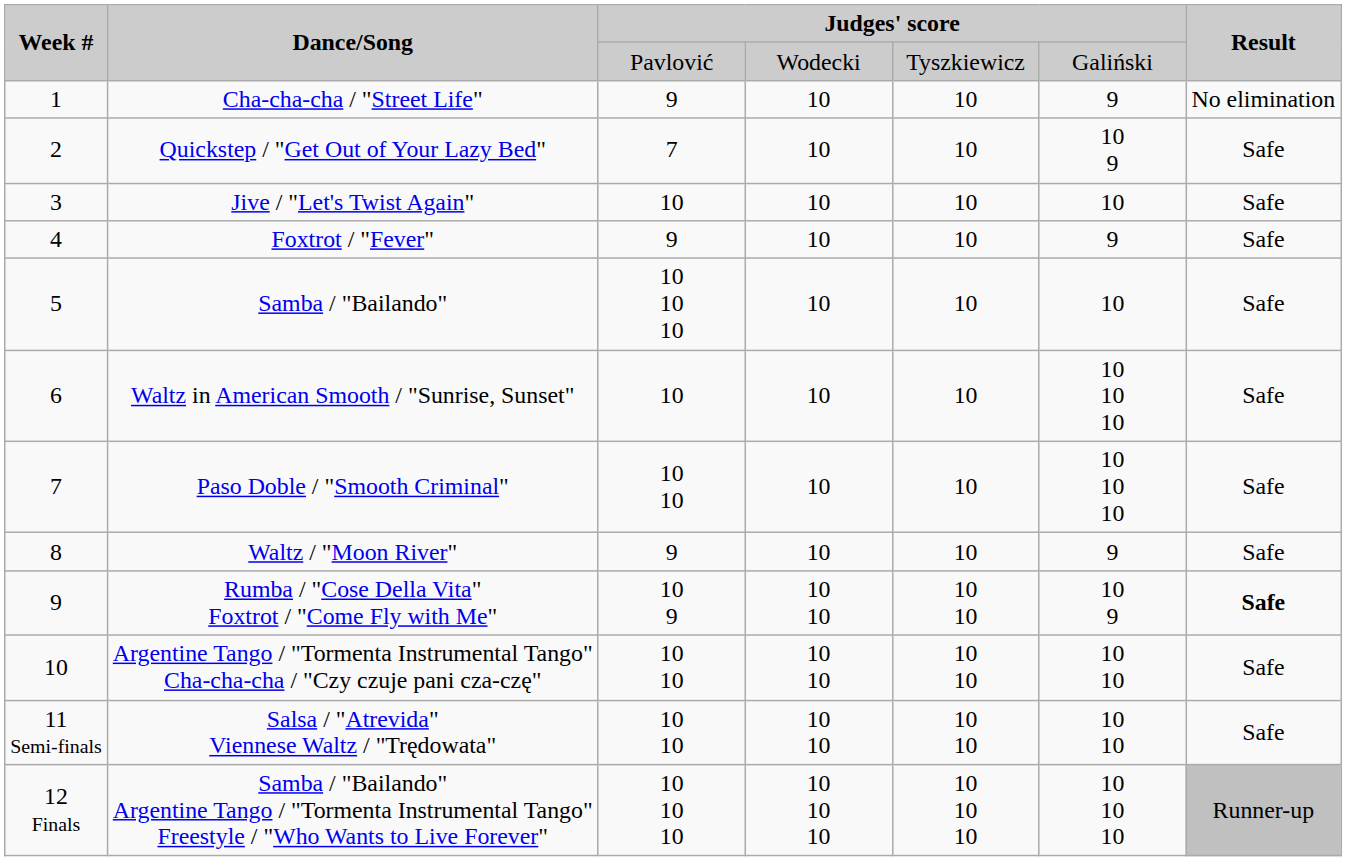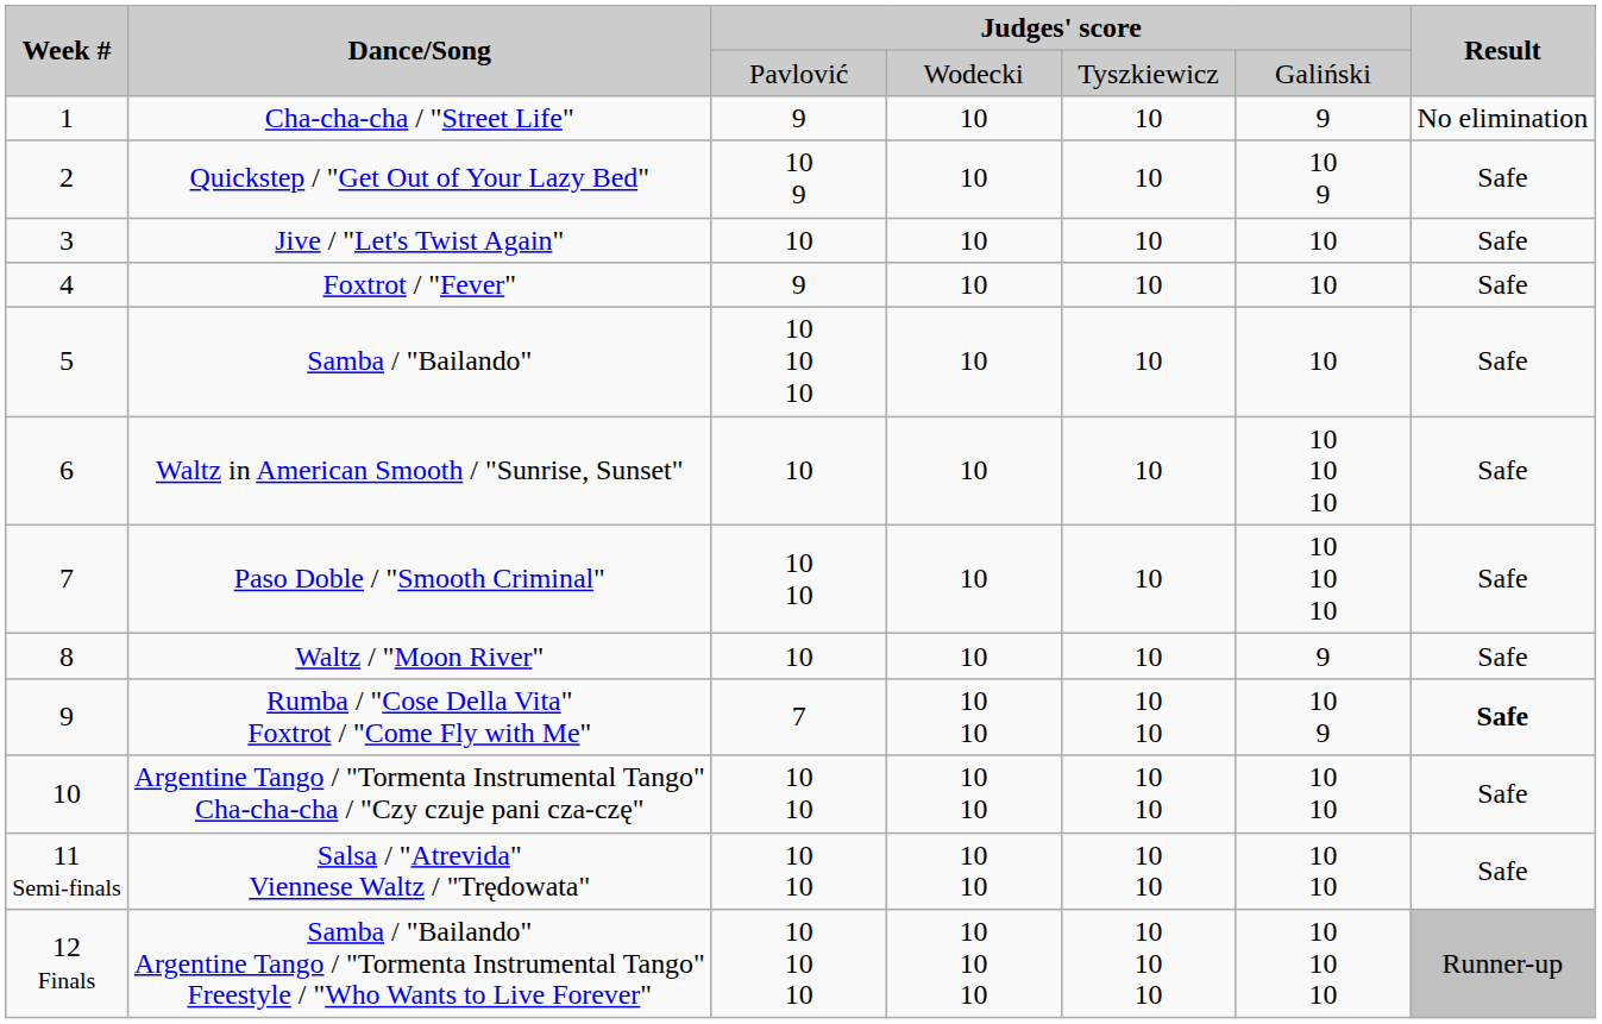 <table class="wikitable">
 <tr style="text-align:Center; background:#ccc;">
 <td rowspan="2"><strong>Week #</strong></td>
 <td rowspan="2"><strong>Dance/Song</strong></td>
 <td colspan="4"><strong>Judges' score</strong></td>
 <td rowspan="2"><strong>Result</strong></td>
 </tr>
 <tr style="text-align:center; background:#ccc;">
 <td style="width:11%; ">Pavlović</td>
 <td style="width:11%; ">Wodecki</td>
 <td style="width:11%; ">Tyszkiewicz</td>
 <td style="width:11%; ">Galiński</td>
 </tr>
 <tr>
 <td style="text-align:center;">1</td>
 <td style="text-align:center;"><a href='#'>Cha-cha-cha</a> / "<a href='#'>Street Life</a>"</td>
 <td style="text-align:center;">9</td>
 <td style="text-align:center;">10</td>
 <td style="text-align:center;">10</td>
 <td style="text-align:center;">9</td>
 <td style="text-align:center;">No elimination</td>
 </tr>
 <tr>
 <td style="text-align:center;">2</td>
 <td style="text-align:center;"><a href='#'>Quickstep</a> / "<a href='#'>Get Out of Your Lazy Bed</a>"</td>
-<td style="text-align:center;">7</td>
+<td style="text-align:center;">10<br>9</td>
 <td style="text-align:center;">10</td>
 <td style="text-align:center;">10</td>
 <td style="text-align:center;">10<br>9</td>
 <td style="text-align:center;">Safe</td>
 </tr>
 <tr>
 <td style="text-align:center;">3</td>
 <td style="text-align:center;"><a href='#'>Jive</a> / "<a href='#'>Let's Twist Again</a>"</td>
 <td style="text-align:center;">10</td>
 <td style="text-align:center;">10</td>
 <td style="text-align:center;">10</td>
 <td style="text-align:center;">10</td>
 <td style="text-align:center;">Safe</td>
 </tr>
 <tr>
 <td style="text-align:center;">4</td>
 <td style="text-align:center;"><a href='#'>Foxtrot</a> / "<a href='#'>Fever</a>"</td>
 <td style="text-align:center;">9</td>
 <td style="text-align:center;">10</td>
 <td style="text-align:center;">10</td>
-<td style="text-align:center;">9</td>
+<td style="text-align:center;">10</td>
 <td style="text-align:center;">Safe</td>
 </tr>
 <tr>
 <td style="text-align:center;">5</td>
 <td style="text-align:center;"><a href='#'>Samba</a> / "Bailando"</td>
 <td style="text-align:center;">10<br>10<br>10</td>
 <td style="text-align:center;">10</td>
 <td style="text-align:center;">10</td>
 <td style="text-align:center;">10</td>
 <td style="text-align:center;">Safe</td>
 </tr>
 <tr>
 <td style="text-align:center;">6</td>
 <td style="text-align:center;"><a href='#'>Waltz</a> in <a href='#'>American Smooth</a> / "Sunrise, Sunset"</td>
 <td style="text-align:center;">10</td>
 <td style="text-align:center;">10</td>
 <td style="text-align:center;">10</td>
 <td style="text-align:center;">10<br>10<br>10</td>
 <td style="text-align:center;">Safe</td>
 </tr>
 <tr>
 <td style="text-align:center;">7</td>
 <td style="text-align:center;"><a href='#'>Paso Doble</a> / "<a href='#'>Smooth Criminal</a>"</td>
 <td style="text-align:center;">10<br>10</td>
 <td style="text-align:center;">10</td>
 <td style="text-align:center;">10</td>
 <td style="text-align:center;">10<br>10<br>10</td>
 <td style="text-align:center;">Safe</td>
 </tr>
 <tr>
 <td style="text-align:center;">8</td>
 <td style="text-align:center;"><a href='#'>Waltz</a> / "<a href='#'>Moon River</a>"</td>
-<td style="text-align:center;">9</td>
+<td style="text-align:center;">10</td>
 <td style="text-align:center;">10</td>
 <td style="text-align:center;">10</td>
 <td style="text-align:center;">9</td>
 <td style="text-align:center;">Safe</td>
 </tr>
 <tr>
 <td style="text-align:center;">9</td>
 <td style="text-align:center;"><a href='#'>Rumba</a> / "<a href='#'>Cose Della Vita</a>" <br><a href='#'>Foxtrot</a> / "<a href='#'>Come Fly with Me</a>"</td>
-<td style="text-align:center;">10<br>9</td>
+<td style="text-align:center;">7</td>
 <td style="text-align:center;">10<br>10</td>
 <td style="text-align:center;">10<br>10</td>
 <td style="text-align:center;">10<br>9</td>
 <td style="text-align:center;"><strong>Safe</strong></td>
 </tr>
 <tr>
 <td style="text-align:center;">10</td>
 <td style="text-align:center;"><a href='#'>Argentine Tango</a> / "Tormenta Instrumental Tango" <br><a href='#'>Cha-cha-cha</a> / "Czy czuje pani cza-czę"</td>
 <td style="text-align:center;">10<br>10</td>
 <td style="text-align:center;">10<br>10</td>
 <td style="text-align:center;">10<br>10</td>
 <td style="text-align:center;">10<br>10</td>
 <td style="text-align:center;">Safe</td>
 </tr>
 <tr>
 <td style="text-align:center;">11<br><small>Semi-finals</small></td>
 <td style="text-align:center;"><a href='#'>Salsa</a> / "<a href='#'>Atrevida</a>"<br><a href='#'>Viennese Waltz</a> / "Trędowata"</td>
 <td style="text-align:center;">10<br>10</td>
 <td style="text-align:center;">10<br>10</td>
 <td style="text-align:center;">10<br>10</td>
 <td style="text-align:center;">10<br>10</td>
 <td style="text-align:center;">Safe</td>
 </tr>
 <tr>
 <td style="text-align:center;">12<br><small>Finals</small></td>
 <td style="text-align:center;"><a href='#'>Samba</a> / "Bailando"<br><a href='#'>Argentine Tango</a> / "Tormenta Instrumental Tango"<br><a href='#'>Freestyle</a> / "<a href='#'>Who Wants to Live Forever</a>"</td>
 <td style="text-align:center;">10<br>10<br>10</td>
 <td style="text-align:center;">10<br>10<br>10</td>
 <td style="text-align:center;">10<br>10<br>10</td>
 <td style="text-align:center;">10<br>10<br>10</td>
 <td style="text-align:center; background:silver">Runner-up</td>
 </tr>
 </table>
